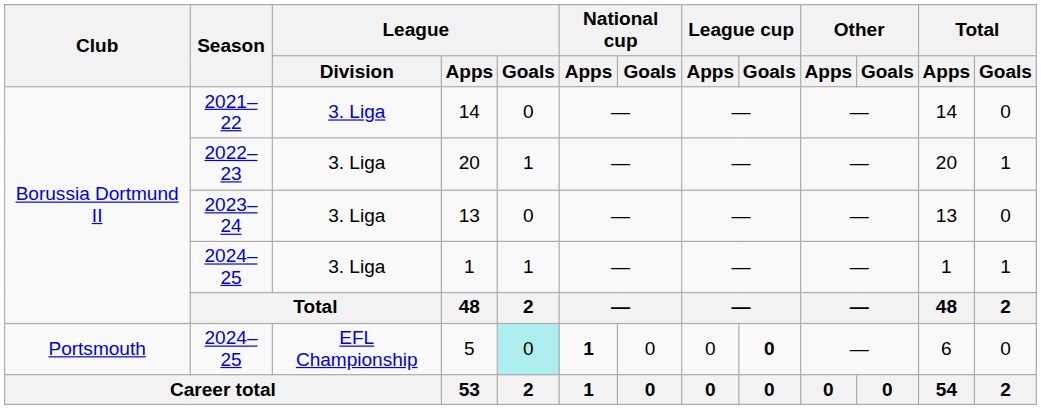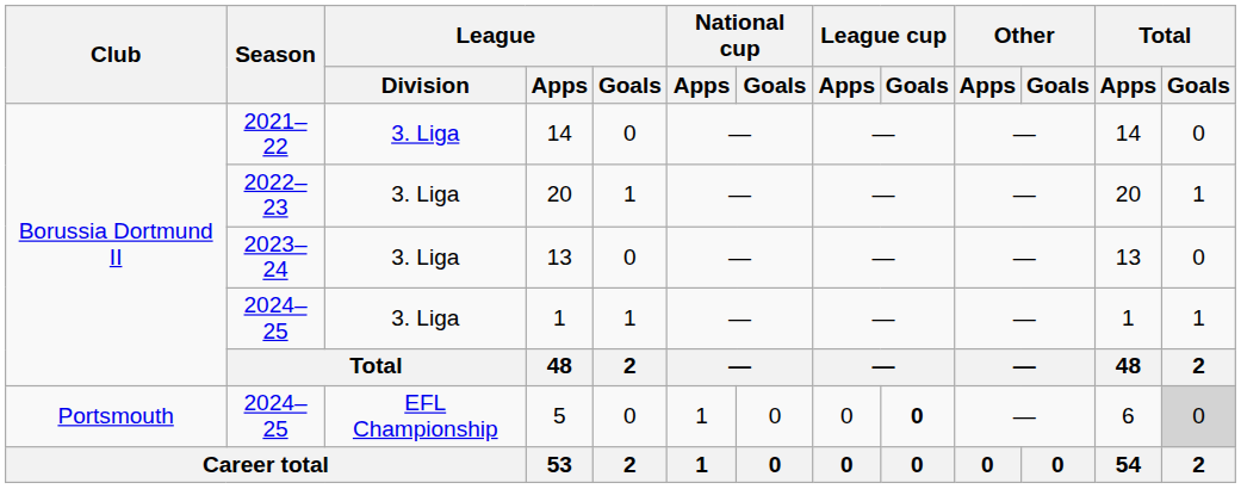 <table class="wikitable" style="text-align: center;">
 <tr>
 <th rowspan="2">Club</th>
 <th rowspan="2">Season</th>
 <th colspan="3">League</th>
 <th colspan="2">National cup</th>
 <th colspan="2">League cup</th>
 <th colspan="2">Other</th>
 <th colspan="2">Total</th>
 </tr>
 <tr>
 <th>Division</th>
 <th>Apps</th>
 <th>Goals</th>
 <th>Apps</th>
 <th>Goals</th>
 <th>Apps</th>
 <th>Goals</th>
 <th>Apps</th>
 <th>Goals</th>
 <th>Apps</th>
 <th>Goals</th>
 </tr>
 <tr>
 <td rowspan=5><a href='#'>Borussia Dortmund II</a></td>
 <td><a href='#'>2021–22</a></td>
 <td><a href='#'>3. Liga</a></td>
 <td>14</td>
 <td>0</td>
 <td colspan=2>—</td>
 <td colspan=2>—</td>
 <td colspan=2>—</td>
 <td>14</td>
 <td>0</td>
 </tr>
 <tr>
 <td><a href='#'>2022–23</a></td>
 <td>3. Liga</td>
 <td>20</td>
 <td>1</td>
 <td colspan=2>—</td>
 <td colspan=2>—</td>
 <td colspan=2>—</td>
 <td>20</td>
 <td>1</td>
 </tr>
 <tr>
 <td><a href='#'>2023–24</a></td>
 <td>3. Liga</td>
 <td>13</td>
 <td>0</td>
 <td colspan=2>—</td>
 <td colspan=2>—</td>
 <td colspan=2>—</td>
 <td>13</td>
 <td>0</td>
 </tr>
 <tr>
 <td><a href='#'>2024–25</a></td>
 <td>3. Liga</td>
 <td>1</td>
 <td>1</td>
 <td colspan=2>—</td>
 <td colspan=2>—</td>
 <td colspan=2>—</td>
 <td>1</td>
 <td>1</td>
 </tr>
 <tr>
 <th colspan=2>Total</th>
 <th>48</th>
 <th>2</th>
 <th colspan=2>—</th>
 <th colspan=2>—</th>
 <th colspan=2>—</th>
 <th>48</th>
 <th>2</th>
 </tr>
 <tr>
 <td><a href='#'>Portsmouth</a></td>
 <td><a href='#'>2024–25</a></td>
 <td><a href='#'>EFL Championship</a></td>
 <td>5</td>
-<td style="background: paleturquoise;">0</td>
-<td><strong>1</strong></td>
+<td>0</td>
+<td>1</td>
 <td>0</td>
 <td>0</td>
 <td><strong>0</strong></td>
 <td colspan=2>—</td>
 <td>6</td>
-<td>0</td>
+<td style="background: lightgrey;">0</td>
 </tr>
 <tr>
 <th colspan="3">Career total</th>
 <th>53</th>
 <th>2</th>
 <th>1</th>
 <th>0</th>
 <th>0</th>
 <th>0</th>
 <th>0</th>
 <th>0</th>
 <th>54</th>
 <th>2</th>
 </tr>
 </table>
